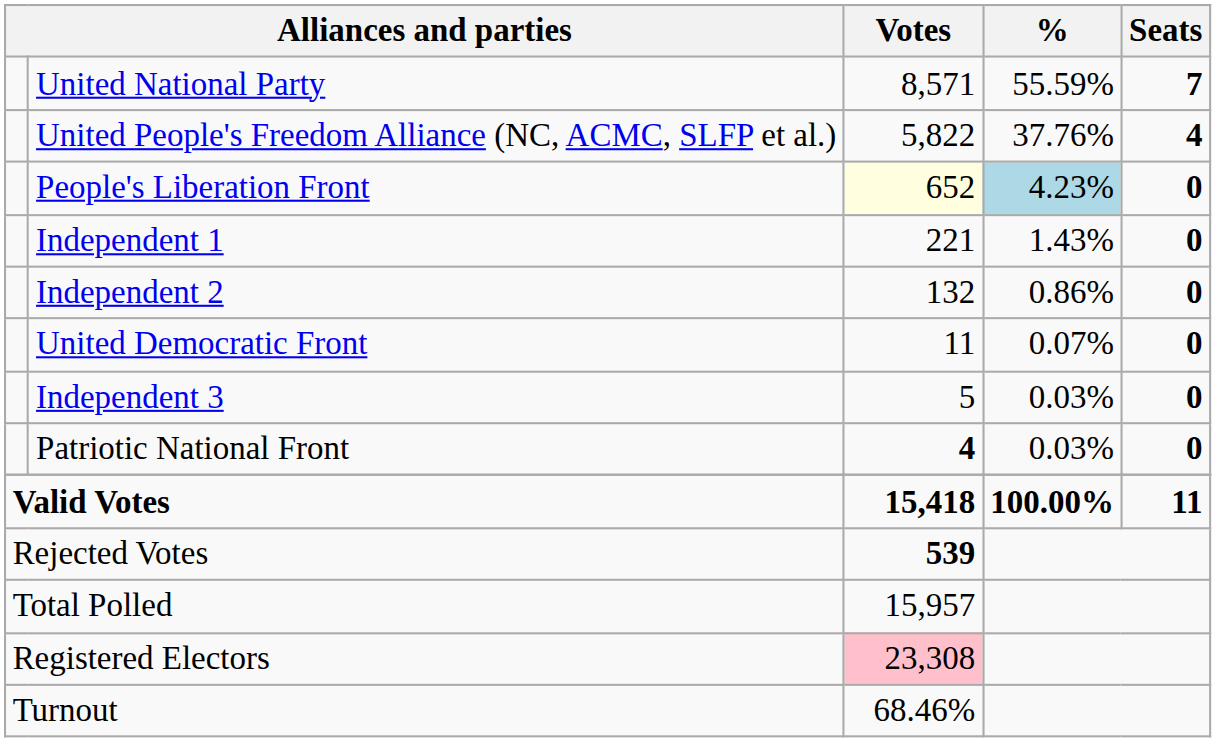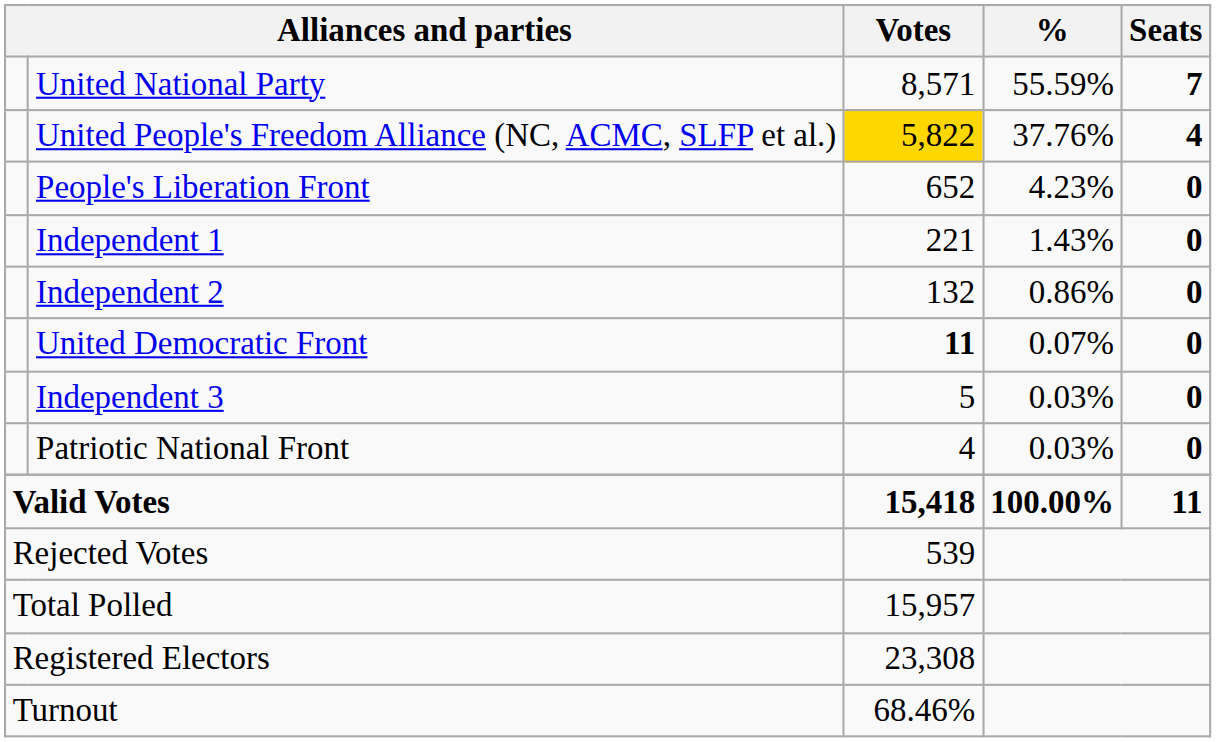 <table class="wikitable" border="1" style="text-align:right;">
 <tr>
 <th valign=bottom align=left colspan=2>Alliances and parties</th>
 <th valign=bottom align=center width="60">Votes</th>
 <th valign=bottom align=center width="50">%</th>
 <th valign=bottom align=center>Seats</th>
 </tr>
 <tr>
 <td bgcolor=> </td>
 <td align=left><a href='#'>United National Party</a></td>
 <td>8,571</td>
 <td>55.59%</td>
 <td><strong>7</strong></td>
 </tr>
 <tr>
 <td bgcolor=> </td>
 <td align=left><a href='#'>United People's Freedom Alliance</a> (NC, <a href='#'>ACMC</a>, <a href='#'>SLFP</a> et al.)</td>
-<td>5,822</td>
+<td style="background: gold;">5,822</td>
 <td>37.76%</td>
 <td><strong>4</strong></td>
 </tr>
 <tr>
 <td bgcolor=> </td>
 <td align=left><a href='#'>People's Liberation Front</a></td>
-<td style="background: lightyellow;">652</td>
-<td style="background: lightblue;">4.23%</td>
+<td>652</td>
+<td>4.23%</td>
 <td><strong>0</strong></td>
 </tr>
 <tr>
 <td></td>
 <td align=left><a href='#'>Independent 1</a></td>
 <td>221</td>
 <td>1.43%</td>
 <td><strong>0</strong></td>
 </tr>
 <tr>
 <td></td>
 <td align=left><a href='#'>Independent 2</a></td>
 <td>132</td>
 <td>0.86%</td>
 <td><strong>0</strong></td>
 </tr>
 <tr>
 <td bgcolor=> </td>
 <td align=left><a href='#'>United Democratic Front</a></td>
-<td>11</td>
+<td><strong>11</strong></td>
 <td>0.07%</td>
 <td><strong>0</strong></td>
 </tr>
 <tr>
 <td></td>
 <td align=left><a href='#'>Independent 3</a></td>
 <td>5</td>
 <td>0.03%</td>
 <td><strong>0</strong></td>
 </tr>
 <tr>
 <td></td>
 <td align=left>Patriotic National Front</td>
-<td><strong>4</strong></td>
+<td>4</td>
 <td>0.03%</td>
 <td><strong>0</strong></td>
 </tr>
 <tr>
 </tr>
 <tr>
 <td colspan=2 align=left><strong>Valid Votes</strong></td>
 <td><strong>15,418</strong></td>
 <td><strong>100.00%</strong></td>
 <td><strong>11</strong></td>
 </tr>
 <tr>
 <td colspan=2 align=left>Rejected Votes</td>
-<td><strong>539</strong></td>
+<td>539</td>
 <td colspan=2></td>
 </tr>
 <tr>
 <td colspan=2 align=left>Total Polled</td>
 <td>15,957</td>
 <td colspan=2></td>
 </tr>
 <tr>
 <td colspan=2 align=left>Registered Electors</td>
-<td style="background: pink;">23,308</td>
+<td>23,308</td>
 <td colspan=2></td>
 </tr>
 <tr>
 <td colspan=2 align=left>Turnout</td>
 <td>68.46%</td>
 <td colspan=2></td>
 </tr>
 </table>
